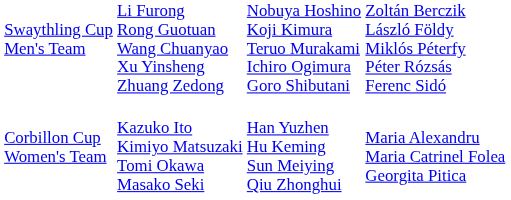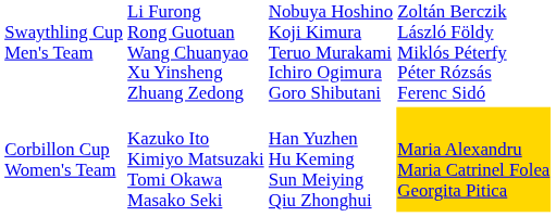 <table>
 <tr>
 <td><a href='#'>Swaythling Cup<br>Men's Team</a></td>
 <td><br><a href='#'>Li Furong</a><br><a href='#'>Rong Guotuan</a><br><a href='#'>Wang Chuanyao</a><br><a href='#'>Xu Yinsheng</a><br><a href='#'>Zhuang Zedong</a></td>
 <td><br><a href='#'>Nobuya Hoshino</a><br><a href='#'>Koji Kimura</a><br><a href='#'>Teruo Murakami</a><br><a href='#'>Ichiro Ogimura</a><br><a href='#'>Goro Shibutani</a></td>
 <td><br><a href='#'>Zoltán Berczik</a><br><a href='#'>László Földy</a><br><a href='#'>Miklós Péterfy</a><br><a href='#'>Péter Rózsás</a><br><a href='#'>Ferenc Sidó</a></td>
 </tr>
 <tr>
 <td><a href='#'>Corbillon Cup<br>Women's Team</a></td>
 <td><br><a href='#'>Kazuko Ito</a><br><a href='#'>Kimiyo Matsuzaki</a><br><a href='#'>Tomi Okawa</a><br><a href='#'>Masako Seki</a></td>
 <td><br><a href='#'>Han Yuzhen</a><br><a href='#'>Hu Keming</a><br><a href='#'>Sun Meiying</a><br><a href='#'>Qiu Zhonghui</a></td>
-<td><br><a href='#'>Maria Alexandru</a><br><a href='#'>Maria Catrinel Folea</a><br><a href='#'>Georgita Pitica</a></td>
+<td style="background: gold;"><br><a href='#'>Maria Alexandru</a><br><a href='#'>Maria Catrinel Folea</a><br><a href='#'>Georgita Pitica</a></td>
 </tr>
 </table>
